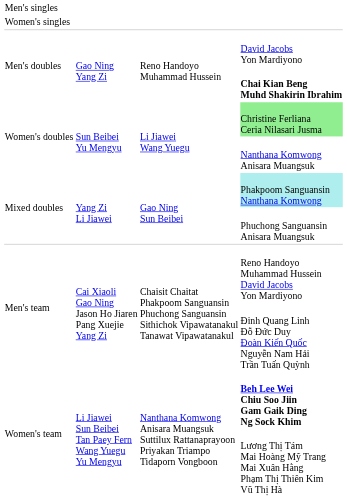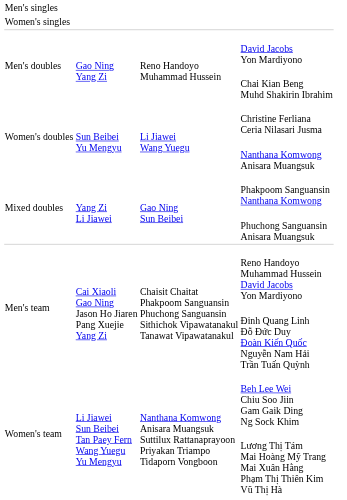 <table>
 <tr>
 <td rowspan=2>Men's singles<br></td>
 <td rowspan=2></td>
 <td rowspan=2></td>
 <td></td>
 </tr>
 <tr>
 <td></td>
 </tr>
 <tr>
 <td rowspan=2>Women's singles<br></td>
 <td rowspan=2></td>
 <td rowspan=2></td>
 <td></td>
 </tr>
 <tr>
 <td></td>
 </tr>
 <tr style="background:#dddddd;">
 <td colspan=7></td>
 </tr>
 <tr>
 <td rowspan=2>Men's doubles<br></td>
 <td rowspan=2><br><a href='#'>Gao Ning</a><br><a href='#'>Yang Zi</a></td>
 <td rowspan=2><br>Reno Handoyo<br>Muhammad Hussein</td>
 <td><br><a href='#'>David Jacobs</a><br>Yon Mardiyono</td>
 </tr>
 <tr>
-<td><strong><br>Chai Kian Beng<br>Muhd Shakirin Ibrahim</strong></td>
+<td><br>Chai Kian Beng<br>Muhd Shakirin Ibrahim</td>
 </tr>
 <tr>
 <td rowspan=2>Women's doubles<br></td>
 <td rowspan=2><br><a href='#'>Sun Beibei</a><br><a href='#'>Yu Mengyu</a></td>
 <td rowspan=2><br><a href='#'>Li Jiawei</a><br><a href='#'>Wang Yuegu</a></td>
-<td style="background: lightgreen;"><br>Christine Ferliana<br>Ceria Nilasari Jusma</td>
+<td><br>Christine Ferliana<br>Ceria Nilasari Jusma</td>
 </tr>
 <tr>
 <td><br><a href='#'>Nanthana Komwong</a><br>Anisara Muangsuk</td>
 </tr>
 <tr>
 <td rowspan=2>Mixed doubles<br></td>
 <td rowspan=2><br><a href='#'>Yang Zi</a><br><a href='#'>Li Jiawei</a></td>
 <td rowspan=2><br><a href='#'>Gao Ning</a><br><a href='#'>Sun Beibei</a></td>
-<td style="background: paleturquoise;"><br>Phakpoom Sanguansin<br><a href='#'>Nanthana Komwong</a></td>
+<td><br>Phakpoom Sanguansin<br><a href='#'>Nanthana Komwong</a></td>
 </tr>
 <tr>
 <td><br>Phuchong Sanguansin<br>Anisara Muangsuk</td>
 </tr>
 <tr style="background:#dddddd;">
 <td colspan=7></td>
 </tr>
 <tr>
 <td rowspan=2>Men's team<br></td>
 <td rowspan=2><br><a href='#'>Cai Xiaoli</a><br><a href='#'>Gao Ning</a><br>Jason Ho Jiaren<br>Pang Xuejie<br><a href='#'>Yang Zi</a></td>
 <td rowspan=2><br>Chaisit Chaitat<br>Phakpoom Sanguansin<br>Phuchong Sanguansin<br>Sithichok Vipawatanakul<br>Tanawat Vipawatanakul</td>
 <td><br>Reno Handoyo<br>Muhammad Hussein<br><a href='#'>David Jacobs</a><br>Yon Mardiyono</td>
 </tr>
 <tr>
 <td><br>Đinh Quang Linh<br>Đỗ Đức Duy<br><a href='#'>Đoàn Kiến Quốc</a><br>Nguyễn Nam Hải<br>Trần Tuấn Quỳnh</td>
 </tr>
 <tr>
 <td rowspan=2>Women's team<br></td>
 <td rowspan=2><br><a href='#'>Li Jiawei</a><br><a href='#'>Sun Beibei</a><br><a href='#'>Tan Paey Fern</a><br><a href='#'>Wang Yuegu</a><br><a href='#'>Yu Mengyu</a></td>
 <td rowspan=2><br><a href='#'>Nanthana Komwong</a><br>Anisara Muangsuk<br>Suttilux Rattanaprayoon<br>Priyakan Triampo<br>Tidaporn Vongboon</td>
-<td><strong><br><a href='#'>Beh Lee Wei</a><br>Chiu Soo Jiin<br>Gam Gaik Ding<br>Ng Sock Khim</strong></td>
+<td><br><a href='#'>Beh Lee Wei</a><br>Chiu Soo Jiin<br>Gam Gaik Ding<br>Ng Sock Khim</td>
 </tr>
 <tr>
 <td><br>Lương Thị Tám<br>Mai Hoàng Mỹ Trang<br>Mai Xuân Hằng<br>Phạm Thị Thiên Kim<br>Vũ Thị Hà</td>
 </tr>
 </table>
